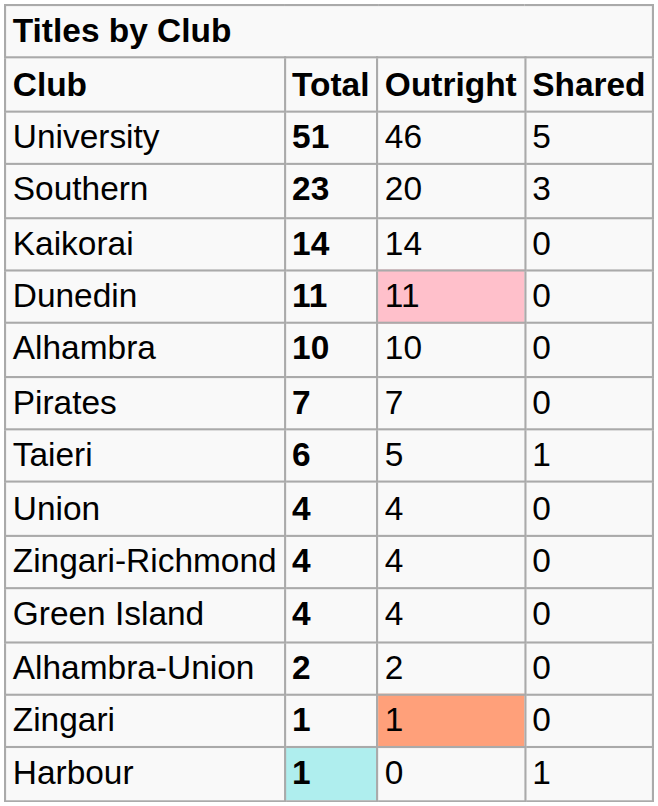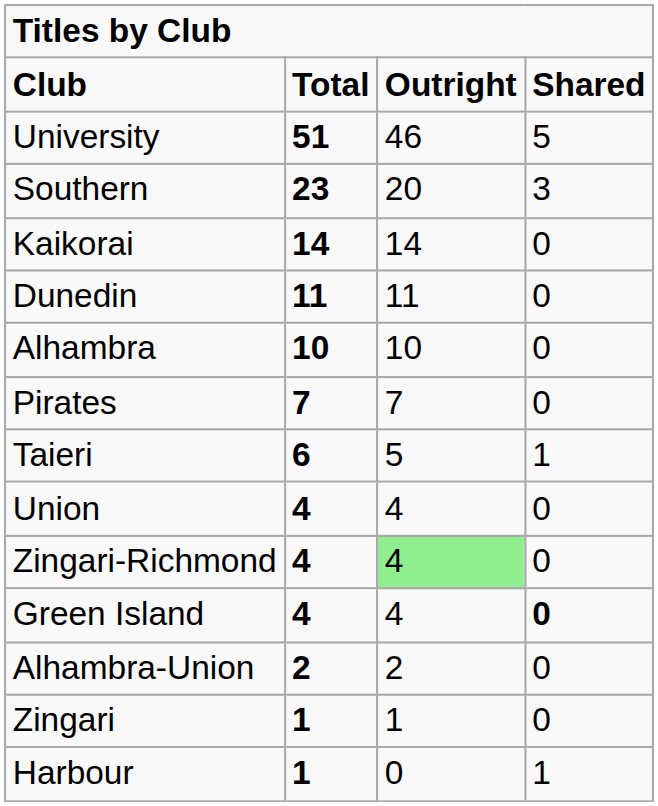 <table class="wikitable">
 <tr>
 <td colspan="4"><strong>Titles  by Club</strong></td>
 </tr>
 <tr>
 <td><strong>Club</strong></td>
 <td><strong>Total</strong></td>
 <td><strong>Outright</strong></td>
 <td><strong>Shared</strong></td>
 </tr>
 <tr>
 <td>University</td>
 <td><strong>51</strong></td>
 <td>46</td>
 <td>5</td>
 </tr>
 <tr>
 <td>Southern</td>
 <td><strong>23</strong></td>
 <td>20</td>
 <td>3</td>
 </tr>
 <tr>
 <td>Kaikorai</td>
 <td><strong>14</strong></td>
 <td>14</td>
 <td>0</td>
 </tr>
 <tr>
 <td>Dunedin</td>
 <td><strong>11</strong></td>
-<td style="background: pink;">11</td>
+<td>11</td>
 <td>0</td>
 </tr>
 <tr>
 <td>Alhambra</td>
 <td><strong>10</strong></td>
 <td>10</td>
 <td>0</td>
 </tr>
 <tr>
 <td>Pirates</td>
 <td><strong>7</strong></td>
 <td>7</td>
 <td>0</td>
 </tr>
 <tr>
 <td>Taieri</td>
 <td><strong>6</strong></td>
 <td>5</td>
 <td>1</td>
 </tr>
 <tr>
 <td>Union</td>
 <td><strong>4</strong></td>
 <td>4</td>
 <td>0</td>
 </tr>
 <tr>
 <td>Zingari-Richmond</td>
 <td><strong>4</strong></td>
-<td>4</td>
+<td style="background: lightgreen;">4</td>
 <td>0</td>
 </tr>
 <tr>
 <td>Green Island</td>
 <td><strong>4</strong></td>
 <td>4</td>
-<td>0</td>
+<td><strong>0</strong></td>
 </tr>
 <tr>
 <td>Alhambra-Union</td>
 <td><strong>2</strong></td>
 <td>2</td>
 <td>0</td>
 </tr>
 <tr>
 <td>Zingari</td>
 <td><strong>1</strong></td>
-<td style="background: lightsalmon;">1</td>
+<td>1</td>
 <td>0</td>
 </tr>
 <tr>
 <td>Harbour</td>
-<td style="background: paleturquoise;"><strong>1</strong></td>
+<td><strong>1</strong></td>
 <td>0</td>
 <td>1</td>
 </tr>
 </table>
